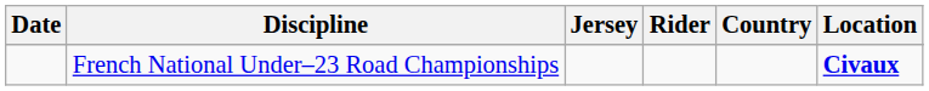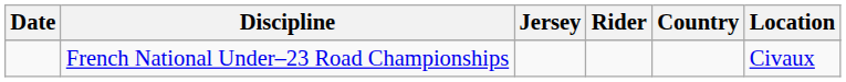 <table class="wikitable">
 <tr>
 <th>Date</th>
 <th>Discipline</th>
 <th>Jersey</th>
 <th>Rider</th>
 <th>Country</th>
 <th>Location</th>
 </tr>
 <tr>
 </tr>
 <tr>
 <td></td>
 <td><a href='#'>French National Under–23 Road Championships</a></td>
 <td></td>
 <td></td>
 <td></td>
-<td><strong><a href='#'>Civaux</a></strong></td>
+<td><a href='#'>Civaux</a></td>
 </tr>
 </table>
